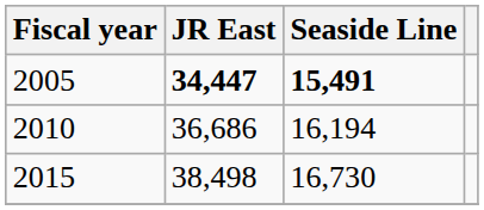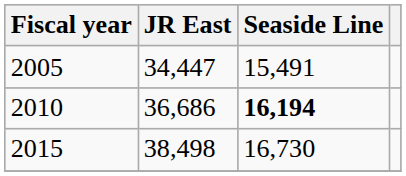 <table class="wikitable">
 <tr>
 <th>Fiscal year</th>
 <th>JR East</th>
 <th>Seaside Line</th>
 <th></th>
 </tr>
 <tr>
 <td>2005</td>
-<td><strong>34,447</strong></td>
-<td><strong>15,491</strong></td>
+<td>34,447</td>
+<td>15,491</td>
 <td></td>
 </tr>
 <tr>
 <td>2010</td>
 <td>36,686</td>
-<td>16,194</td>
+<td><strong>16,194</strong></td>
 <td></td>
 </tr>
 <tr>
 <td>2015</td>
 <td>38,498</td>
 <td>16,730</td>
 <td></td>
 </tr>
 <tr>
 </tr>
 </table>
